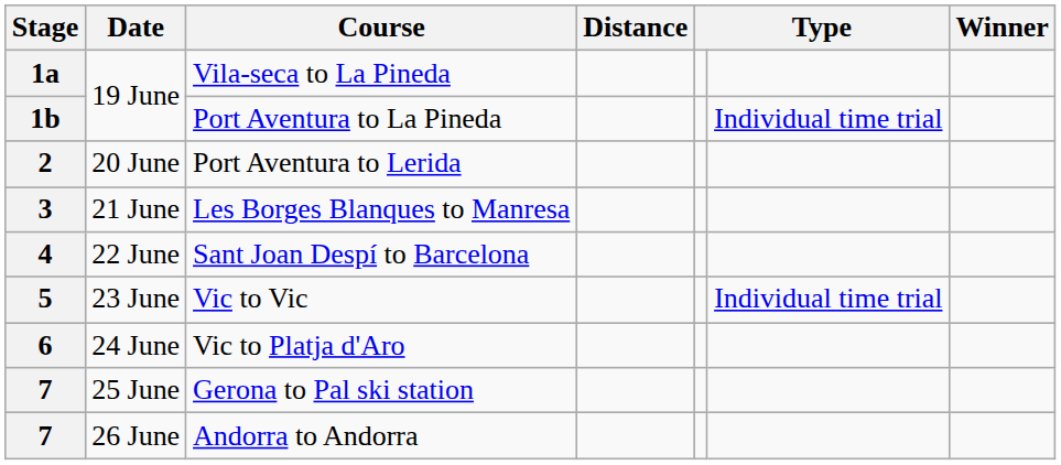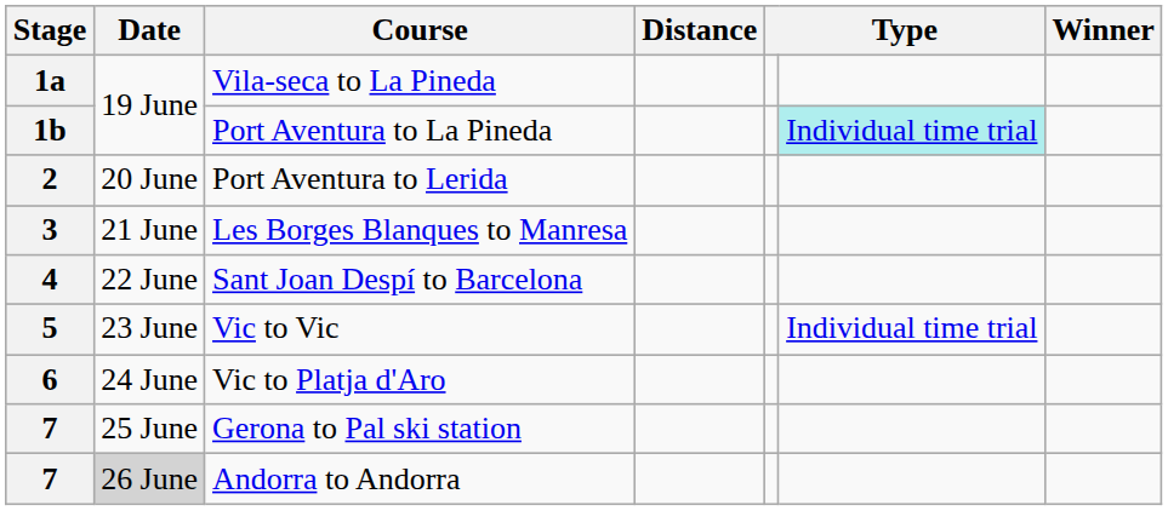 <table class="wikitable">
 <tr>
 <th scope="col">Stage</th>
 <th scope="col">Date</th>
 <th scope="col">Course</th>
 <th scope="col">Distance</th>
 <th scope="col" colspan="2">Type</th>
 <th scope="col">Winner</th>
 </tr>
 <tr>
 <th scope="row">1a</th>
 <td style="text-align:right;" rowspan=2>19 June</td>
 <td><a href='#'>Vila-seca</a> to <a href='#'>La Pineda</a></td>
 <td></td>
 <td></td>
 <td></td>
 <td></td>
 </tr>
 <tr>
 <th scope="row">1b</th>
 <td><a href='#'>Port Aventura</a> to La Pineda</td>
 <td></td>
 <td></td>
-<td><a href='#'>Individual time trial</a></td>
+<td style="background: paleturquoise;"><a href='#'>Individual time trial</a></td>
 <td></td>
 </tr>
 <tr>
 <th scope="row">2</th>
 <td style="text-align:right;">20 June</td>
 <td>Port Aventura to <a href='#'>Lerida</a></td>
 <td></td>
 <td></td>
 <td></td>
 <td></td>
 </tr>
 <tr>
 <th scope="row">3</th>
 <td style="text-align:right;">21 June</td>
 <td><a href='#'>Les Borges Blanques</a> to <a href='#'>Manresa</a></td>
 <td></td>
 <td></td>
 <td></td>
 <td></td>
 </tr>
 <tr>
 <th scope="row">4</th>
 <td style="text-align:right;">22 June</td>
 <td><a href='#'>Sant Joan Despí</a> to <a href='#'>Barcelona</a></td>
 <td></td>
 <td></td>
 <td></td>
 <td></td>
 </tr>
 <tr>
 <th scope="row">5</th>
 <td style="text-align:right;">23 June</td>
 <td><a href='#'>Vic</a> to Vic</td>
 <td></td>
 <td></td>
 <td><a href='#'>Individual time trial</a></td>
 <td></td>
 </tr>
 <tr>
 <th scope="row">6</th>
 <td style="text-align:right;">24 June</td>
 <td>Vic  to <a href='#'>Platja d'Aro</a></td>
 <td></td>
 <td></td>
 <td></td>
 <td></td>
 </tr>
 <tr>
 <th scope="row">7</th>
 <td style="text-align:right;">25 June</td>
 <td><a href='#'>Gerona</a> to <a href='#'>Pal ski station</a></td>
 <td></td>
 <td></td>
 <td></td>
 <td></td>
 </tr>
 <tr>
 <th scope="row">7</th>
-<td style="text-align:right;">26 June</td>
+<td style="background: lightgrey; text-align:right;">26 June</td>
 <td><a href='#'>Andorra</a> to Andorra</td>
 <td></td>
 <td></td>
 <td></td>
 <td></td>
 </tr>
 </table>
